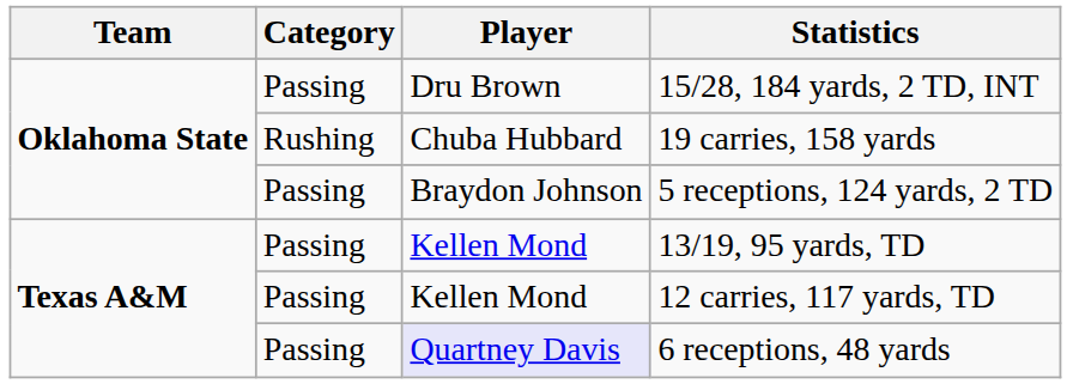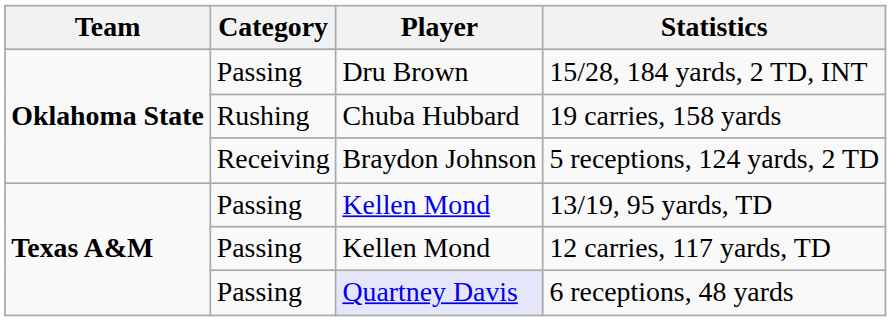 <table class="wikitable" style="float: right;">
 <tr>
 <th>Team</th>
 <th>Category</th>
 <th>Player</th>
 <th>Statistics</th>
 </tr>
 <tr>
 <td rowspan=3><strong>Oklahoma State</strong></td>
 <td>Passing</td>
 <td>Dru Brown</td>
 <td>15/28, 184 yards, 2 TD, INT</td>
 </tr>
 <tr>
 <td>Rushing</td>
 <td>Chuba Hubbard</td>
 <td>19 carries, 158 yards</td>
 </tr>
 <tr>
-<td>Passing</td>
+<td>Receiving</td>
 <td>Braydon Johnson</td>
 <td>5 receptions, 124 yards, 2 TD</td>
 </tr>
 <tr>
 <td rowspan=3><strong>Texas A&M</strong></td>
 <td>Passing</td>
 <td><a href='#'>Kellen Mond</a></td>
 <td>13/19, 95 yards, TD</td>
 </tr>
 <tr>
 <td>Passing</td>
 <td>Kellen Mond</td>
 <td>12 carries, 117 yards, TD</td>
 </tr>
 <tr>
 <td>Passing</td>
 <td style="background: lavender;"><a href='#'>Quartney Davis</a></td>
 <td>6 receptions, 48 yards</td>
 </tr>
 </table>
